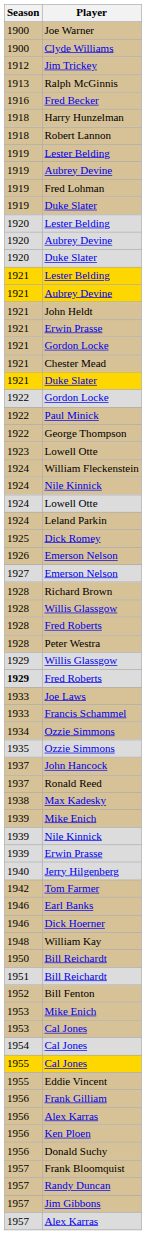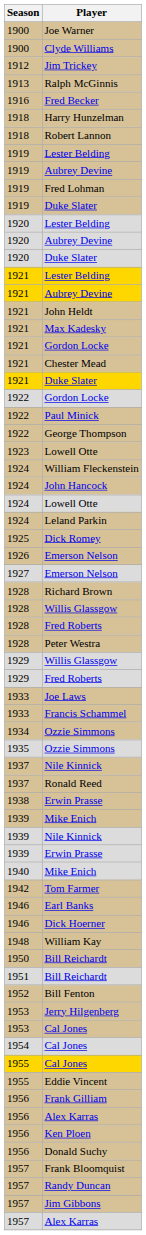 <table class="wikitable" style="float:left; margin-right:1em;">
 <tr>
 <th>Season</th>
 <th>Player</th>
 </tr>
 <tr style="background: #d7c297;">
 <td>1900</td>
 <td>Joe Warner</td>
 </tr>
 <tr style="background: #d7c297;">
 <td>1900</td>
 <td><a href='#'>Clyde Williams</a></td>
 </tr>
 <tr style="background: #d7c297;">
 <td>1912</td>
 <td><a href='#'>Jim Trickey</a></td>
 </tr>
 <tr style="background: #d7c297;">
 <td>1913</td>
 <td>Ralph McGinnis</td>
 </tr>
 <tr style="background: #d7c297;">
 <td>1916</td>
 <td><a href='#'>Fred Becker</a></td>
 </tr>
 <tr style="background: #d7c297;">
 <td>1918</td>
 <td>Harry Hunzelman</td>
 </tr>
 <tr style="background: #d7c297;">
 <td>1918</td>
 <td>Robert Lannon</td>
 </tr>
 <tr style="background: #d7c297;">
 <td>1919</td>
 <td><a href='#'>Lester Belding</a></td>
 </tr>
 <tr style="background: #d7c297;">
 <td>1919</td>
 <td><a href='#'>Aubrey Devine</a></td>
 </tr>
 <tr style="background: #d7c297;">
 <td>1919</td>
 <td>Fred Lohman</td>
 </tr>
 <tr style="background: #d7c297;">
 <td>1919</td>
 <td><a href='#'>Duke Slater</a></td>
 </tr>
 <tr style="background: #dcdcdc;">
 <td>1920</td>
 <td><a href='#'>Lester Belding</a></td>
 </tr>
 <tr style="background: #dcdcdc;">
 <td>1920</td>
 <td><a href='#'>Aubrey Devine</a></td>
 </tr>
 <tr style="background: #dcdcdc;">
 <td>1920</td>
 <td><a href='#'>Duke Slater</a></td>
 </tr>
 <tr style="background: #FFD700;">
 <td>1921</td>
 <td><a href='#'>Lester Belding</a></td>
 </tr>
 <tr style="background: #FFD700;">
 <td>1921</td>
 <td><a href='#'>Aubrey Devine</a></td>
 </tr>
 <tr style="background: #d7c297;">
 <td>1921</td>
 <td>John Heldt</td>
 </tr>
 <tr style="background: #d7c297;">
 <td>1921</td>
-<td><a href='#'>Erwin Prasse</a></td>
+<td><a href='#'>Max Kadesky</a></td>
 </tr>
 <tr style="background: #d7c297;">
 <td>1921</td>
 <td><a href='#'>Gordon Locke</a></td>
 </tr>
 <tr style="background: #d7c297;">
 <td>1921</td>
 <td>Chester Mead</td>
 </tr>
 <tr style="background: #FFD700;">
 <td>1921</td>
 <td><a href='#'>Duke Slater</a></td>
 </tr>
 <tr style="background: #dcdcdc;">
 <td>1922</td>
 <td><a href='#'>Gordon Locke</a></td>
 </tr>
 <tr style="background: #d7c297;">
 <td>1922</td>
 <td><a href='#'>Paul Minick</a></td>
 </tr>
 <tr style="background: #d7c297;">
 <td>1922</td>
 <td>George Thompson</td>
 </tr>
 <tr style="background: #d7c297;">
 <td>1923</td>
 <td>Lowell Otte</td>
 </tr>
 <tr style="background: #d7c297;">
 <td>1924</td>
 <td>William Fleckenstein</td>
 </tr>
 <tr style="background: #d7c297;">
 <td>1924</td>
-<td><a href='#'>Nile Kinnick</a></td>
+<td><a href='#'>John Hancock</a></td>
 </tr>
 <tr style="background: #dcdcdc;">
 <td>1924</td>
 <td>Lowell Otte</td>
 </tr>
 <tr style="background: #d7c297;">
 <td>1924</td>
 <td>Leland Parkin</td>
 </tr>
 <tr style="background: #d7c297;">
 <td>1925</td>
 <td><a href='#'>Dick Romey</a></td>
 </tr>
 <tr style="background: #d7c297;">
 <td>1926</td>
 <td><a href='#'>Emerson Nelson</a></td>
 </tr>
 <tr style="background: #dcdcdc;">
 <td>1927</td>
 <td><a href='#'>Emerson Nelson</a></td>
 </tr>
 <tr style="background: #d7c297;">
 <td>1928</td>
 <td>Richard Brown</td>
 </tr>
 <tr style="background: #d7c297;">
 <td>1928</td>
 <td><a href='#'>Willis Glassgow</a></td>
 </tr>
 <tr style="background: #d7c297;">
 <td>1928</td>
 <td><a href='#'>Fred Roberts</a></td>
 </tr>
 <tr style="background: #d7c297;">
 <td>1928</td>
 <td>Peter Westra</td>
 </tr>
 <tr style="background: #dcdcdc;">
 <td>1929</td>
 <td><a href='#'>Willis Glassgow</a></td>
 </tr>
 <tr style="background: #dcdcdc;">
-<td><strong>1929</strong></td>
+<td>1929</td>
 <td><a href='#'>Fred Roberts</a></td>
 </tr>
 <tr style="background: #d7c297;">
 <td>1933</td>
 <td><a href='#'>Joe Laws</a></td>
 </tr>
 <tr style="background: #d7c297;">
 <td>1933</td>
 <td><a href='#'>Francis Schammel</a></td>
 </tr>
 <tr style="background: #d7c297;">
 <td>1934</td>
 <td><a href='#'>Ozzie Simmons</a></td>
 </tr>
 <tr style="background: #dcdcdc;">
 <td>1935</td>
 <td><a href='#'>Ozzie Simmons</a></td>
 </tr>
 <tr style="background: #d7c297;">
 <td>1937</td>
-<td><a href='#'>John Hancock</a></td>
+<td><a href='#'>Nile Kinnick</a></td>
 </tr>
 <tr style="background: #d7c297;">
 <td>1937</td>
 <td>Ronald Reed</td>
 </tr>
 <tr style="background: #d7c297;">
 <td>1938</td>
-<td><a href='#'>Max Kadesky</a></td>
+<td><a href='#'>Erwin Prasse</a></td>
 </tr>
 <tr style="background: #d7c297;">
 <td>1939</td>
 <td><a href='#'>Mike Enich</a></td>
 </tr>
 <tr style="background: #dcdcdc;">
 <td>1939</td>
 <td><a href='#'>Nile Kinnick</a></td>
 </tr>
 <tr style="background: #dcdcdc;">
 <td>1939</td>
 <td><a href='#'>Erwin Prasse</a></td>
 </tr>
 <tr style="background: #dcdcdc;">
 <td>1940</td>
-<td><a href='#'>Jerry Hilgenberg</a></td>
+<td><a href='#'>Mike Enich</a></td>
 </tr>
 <tr style="background: #d7c297;">
 <td>1942</td>
 <td><a href='#'>Tom Farmer</a></td>
 </tr>
 <tr style="background: #d7c297;">
 <td>1946</td>
 <td><a href='#'>Earl Banks</a></td>
 </tr>
 <tr style="background: #d7c297;">
 <td>1946</td>
 <td><a href='#'>Dick Hoerner</a></td>
 </tr>
 <tr style="background: #d7c297;">
 <td>1948</td>
 <td>William Kay</td>
 </tr>
 <tr style="background: #d7c297;">
 <td>1950</td>
 <td><a href='#'>Bill Reichardt</a></td>
 </tr>
 <tr style="background: #dcdcdc;">
 <td>1951</td>
 <td><a href='#'>Bill Reichardt</a></td>
 </tr>
 <tr style="background: #d7c297;">
 <td>1952</td>
 <td>Bill Fenton</td>
 </tr>
 <tr style="background: #d7c297;">
 <td>1953</td>
-<td><a href='#'>Mike Enich</a></td>
+<td><a href='#'>Jerry Hilgenberg</a></td>
 </tr>
 <tr style="background: #d7c297;">
 <td>1953</td>
 <td><a href='#'>Cal Jones</a></td>
 </tr>
 <tr style="background: #dcdcdc;">
 <td>1954</td>
 <td><a href='#'>Cal Jones</a></td>
 </tr>
 <tr style="background: #FFD700;">
 <td>1955</td>
 <td><a href='#'>Cal Jones</a></td>
 </tr>
 <tr style="background: #d7c297;">
 <td>1955</td>
 <td>Eddie Vincent</td>
 </tr>
 <tr style="background: #d7c297;">
 <td>1956</td>
 <td><a href='#'>Frank Gilliam</a></td>
 </tr>
 <tr style="background: #d7c297;">
 <td>1956</td>
 <td><a href='#'>Alex Karras</a></td>
 </tr>
 <tr style="background: #d7c297;">
 <td>1956</td>
 <td><a href='#'>Ken Ploen</a></td>
 </tr>
 <tr style="background: #d7c297;">
 <td>1956</td>
 <td>Donald Suchy</td>
 </tr>
 <tr style="background: #d7c297;">
 <td>1957</td>
 <td>Frank Bloomquist</td>
 </tr>
 <tr style="background: #d7c297;">
 <td>1957</td>
 <td><a href='#'>Randy Duncan</a></td>
 </tr>
 <tr style="background: #d7c297;">
 <td>1957</td>
 <td><a href='#'>Jim Gibbons</a></td>
 </tr>
 <tr style="background: #dcdcdc;">
 <td>1957</td>
 <td><a href='#'>Alex Karras</a></td>
 </tr>
 </table>
